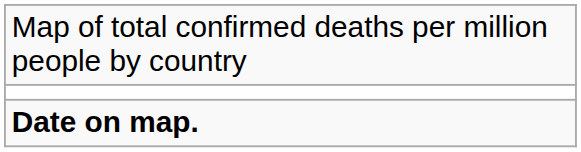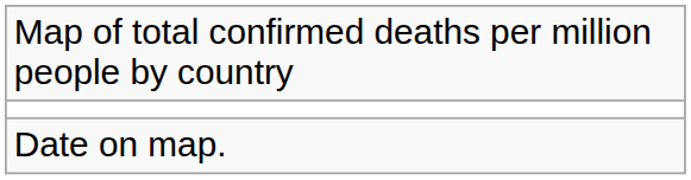 <table class=wikitable>
 <tr>
 <td style=max-width:300px>Map of total confirmed deaths per million people by country</td>
 </tr>
 <tr>
 <td style=background-color:white;></td>
 </tr>
 <tr>
-<td style=max-width:300px><strong>Date on map.</strong></td>
+<td style=max-width:300px>Date on map.</td>
 </tr>
 </table>
